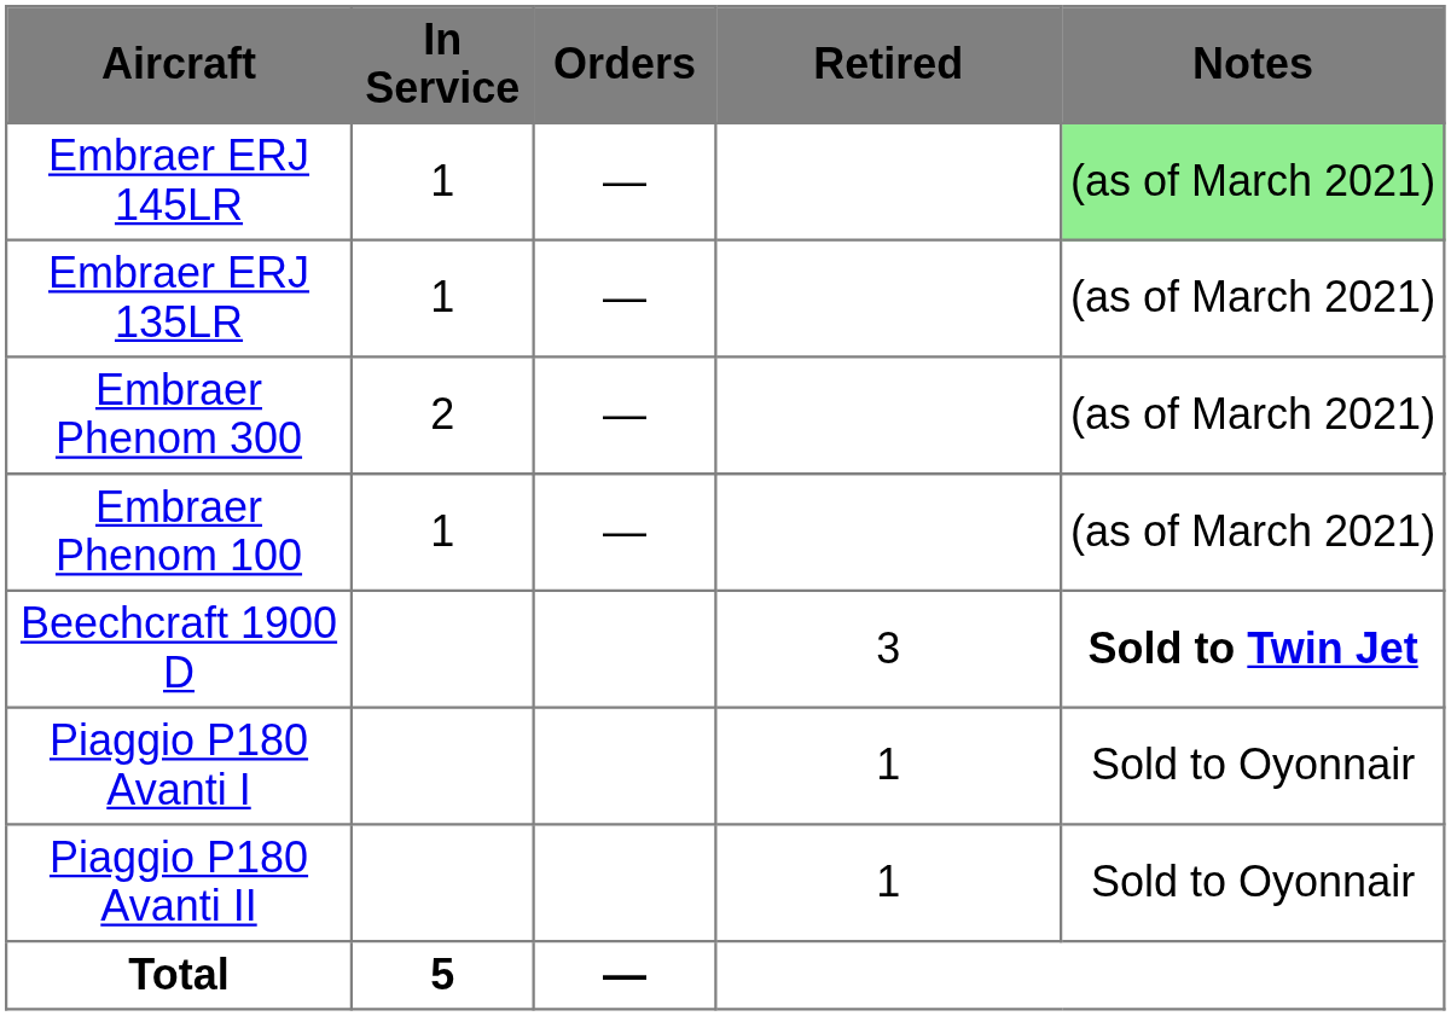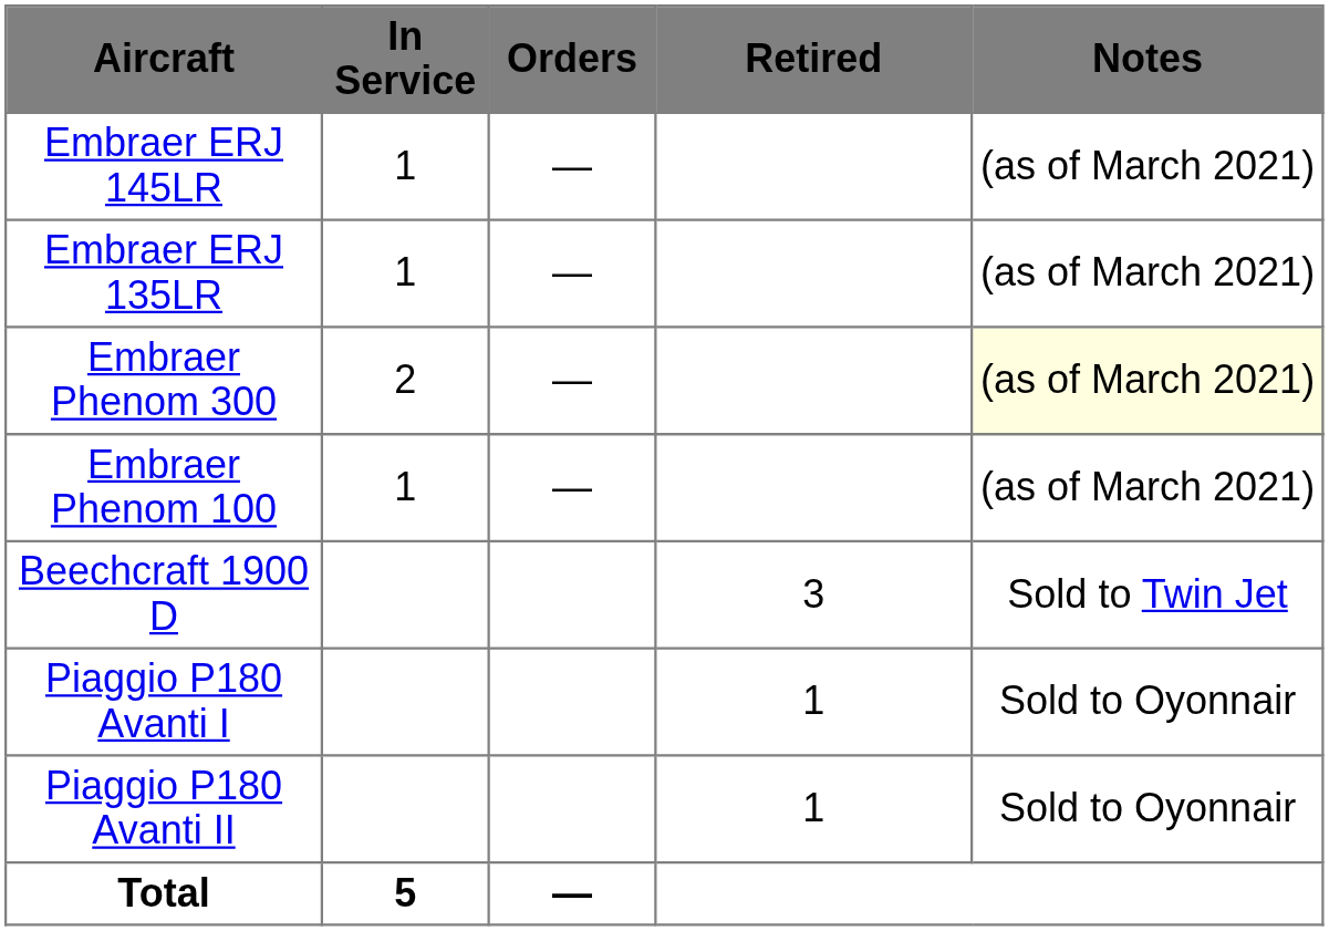 <table class="toccolours" border="1" cellpadding="3" style="border-collapse:collapse; text-align:center">
 <tr style="background:grey">
 <th rowspan="1" style="width:120px;"><span>Aircraft</span></th>
 <th rowspan="1" style="width:60px;"><span>In Service</span></th>
 <th rowspan="1" style="width:60px;"><span>Orders</span></th>
 <th rowspan="1" style="width:120px;"><span>Retired</span></th>
 <th>Notes</th>
 </tr>
 <tr>
 <td><a href='#'>Embraer ERJ 145LR</a></td>
 <td>1</td>
 <td>—</td>
 <td></td>
-<td style="background: lightgreen;">(as of March 2021)</td>
+<td>(as of March 2021)</td>
 </tr>
 <tr>
 <td><a href='#'>Embraer ERJ 135LR</a></td>
 <td>1</td>
 <td>—</td>
 <td></td>
 <td>(as of March 2021)</td>
 </tr>
 <tr>
 <td><a href='#'>Embraer Phenom 300</a></td>
 <td>2</td>
 <td>—</td>
 <td></td>
-<td>(as of March 2021)</td>
+<td style="background: lightyellow;">(as of March 2021)</td>
 </tr>
 <tr>
 </tr>
 <tr>
 <td><a href='#'>Embraer Phenom 100</a></td>
 <td>1</td>
 <td>—</td>
 <td></td>
 <td>(as of March 2021)</td>
 </tr>
 <tr>
 <td><a href='#'>Beechcraft 1900 D</a></td>
 <td></td>
 <td></td>
 <td>3</td>
-<td><strong>Sold to <a href='#'>Twin Jet</a></strong></td>
+<td>Sold to <a href='#'>Twin Jet</a></td>
 </tr>
 <tr>
 <td><a href='#'>Piaggio P180 Avanti I</a></td>
 <td></td>
 <td></td>
 <td>1</td>
 <td>Sold to Oyonnair</td>
 </tr>
 <tr>
 <td><a href='#'>Piaggio P180 Avanti II</a></td>
 <td></td>
 <td></td>
 <td>1</td>
 <td>Sold to Oyonnair</td>
 </tr>
 <tr>
 <th>Total</th>
 <th>5</th>
 <th>—</th>
 <th colspan="8"></th>
 </tr>
 </table>
